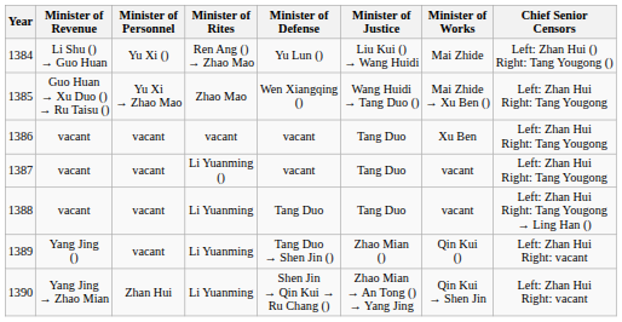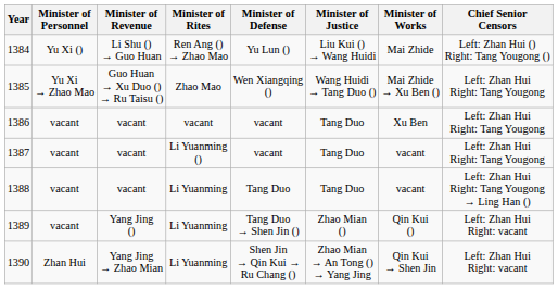 <table class="wikitable" style="text-align: center;">
 <tr>
 <th>Year</th>
+<th>Minister of<br>Personnel</th>
 <th>Minister of<br>Revenue</th>
-<th>Minister of<br>Personnel</th>
 <th>Minister of<br>Rites</th>
 <th>Minister of<br>Defense</th>
 <th>Minister of<br>Justice</th>
 <th>Minister of<br>Works</th>
 <th>Chief Senior<br>Censors</th>
 </tr>
 <tr>
 <td>1384</td>
+<td>Yu Xi ()</td>
 <td>Li Shu ()<br>→ Guo Huan</td>
-<td>Yu Xi ()</td>
 <td>Ren Ang ()<br>→ Zhao Mao</td>
 <td>Yu Lun ()</td>
 <td>Liu Kui ()<br>→ Wang Huidi</td>
 <td>Mai Zhide</td>
 <td>Left: Zhan Hui ()<br>Right: Tang Yougong ()</td>
 </tr>
 <tr>
 <td>1385</td>
+<td>Yu Xi<br>→ Zhao Mao</td>
 <td>Guo Huan<br>→ Xu Duo ()<br>→ Ru Taisu ()</td>
-<td>Yu Xi<br>→ Zhao Mao</td>
 <td>Zhao Mao</td>
 <td>Wen Xiangqing<br>()</td>
 <td>Wang Huidi<br>→ Tang Duo ()</td>
 <td>Mai Zhide<br>→ Xu Ben ()</td>
 <td>Left: Zhan Hui<br>Right: Tang Yougong</td>
 </tr>
 <tr>
 <td>1386</td>
 <td>vacant</td>
 <td>vacant</td>
 <td>vacant</td>
 <td>vacant</td>
 <td>Tang Duo</td>
 <td>Xu Ben</td>
 <td>Left: Zhan Hui<br>Right: Tang Yougong</td>
 </tr>
 <tr>
 <td>1387</td>
 <td>vacant</td>
 <td>vacant</td>
 <td>Li Yuanming<br>()</td>
 <td>vacant</td>
 <td>Tang Duo</td>
 <td>vacant</td>
 <td>Left: Zhan Hui<br>Right: Tang Yougong</td>
 </tr>
 <tr>
 <td>1388</td>
 <td>vacant</td>
 <td>vacant</td>
 <td>Li Yuanming</td>
 <td>Tang Duo</td>
 <td>Tang Duo</td>
 <td>vacant</td>
 <td>Left: Zhan Hui<br>Right: Tang Yougong<br>→ Ling Han ()</td>
 </tr>
 <tr>
 <td>1389</td>
+<td>vacant</td>
 <td>Yang Jing<br>()</td>
-<td>vacant</td>
 <td>Li Yuanming</td>
 <td>Tang Duo<br>→ Shen Jin ()</td>
 <td>Zhao Mian<br>()</td>
 <td>Qin Kui<br>()</td>
 <td>Left: Zhan Hui<br>Right: vacant</td>
 </tr>
 <tr>
 <td>1390</td>
+<td>Zhan Hui</td>
 <td>Yang Jing<br>→ Zhao Mian</td>
-<td>Zhan Hui</td>
 <td>Li Yuanming</td>
 <td>Shen Jin<br>→ Qin Kui →<br>Ru Chang ()</td>
 <td>Zhao Mian<br>→ An Tong ()<br>→ Yang Jing</td>
 <td>Qin Kui<br>→ Shen Jin</td>
 <td>Left: Zhan Hui<br>Right: vacant</td>
 </tr>
 </table>
